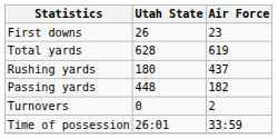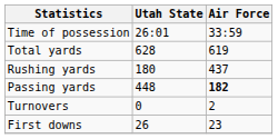 <table class="wikitable">
 <tr>
 <th>Statistics</th>
 <th>Utah State</th>
 <th>Air Force</th>
 </tr>
 <tr>
-<td>First downs</td>
-<td>26</td>
-<td>23</td>
+<td>Time of possession</td>
+<td>26:01</td>
+<td>33:59</td>
 </tr>
 <tr>
 <td>Total yards</td>
 <td>628</td>
 <td>619</td>
 </tr>
 <tr>
 <td>Rushing yards</td>
 <td>180</td>
 <td>437</td>
 </tr>
 <tr>
 <td>Passing yards</td>
 <td>448</td>
-<td>182</td>
+<td><strong>182</strong></td>
 </tr>
 <tr>
 <td>Turnovers</td>
 <td>0</td>
 <td>2</td>
 </tr>
 <tr>
-<td>Time of possession</td>
-<td>26:01</td>
-<td>33:59</td>
+<td>First downs</td>
+<td>26</td>
+<td>23</td>
 </tr>
 <tr>
 </tr>
 </table>
